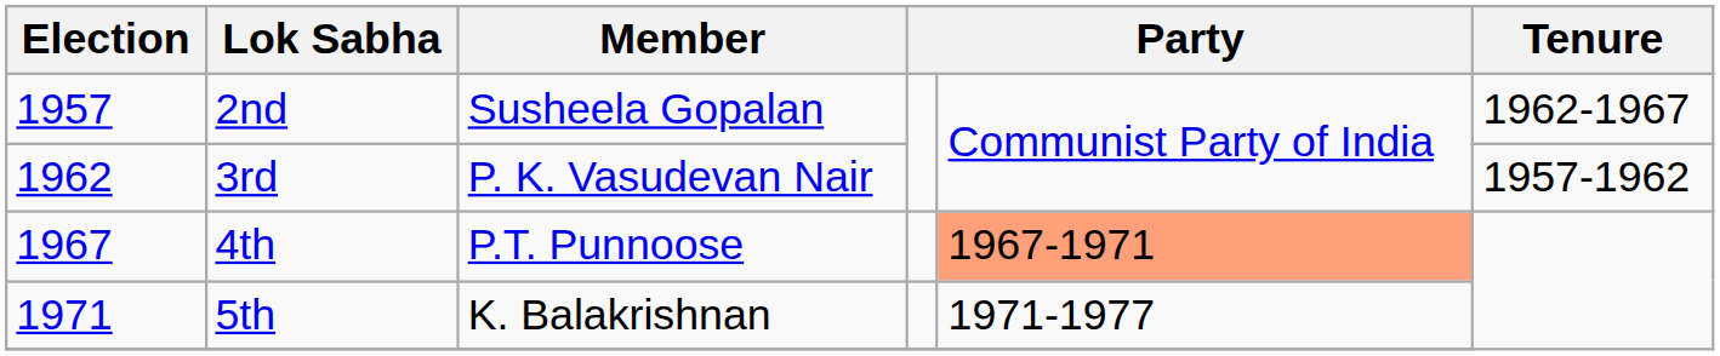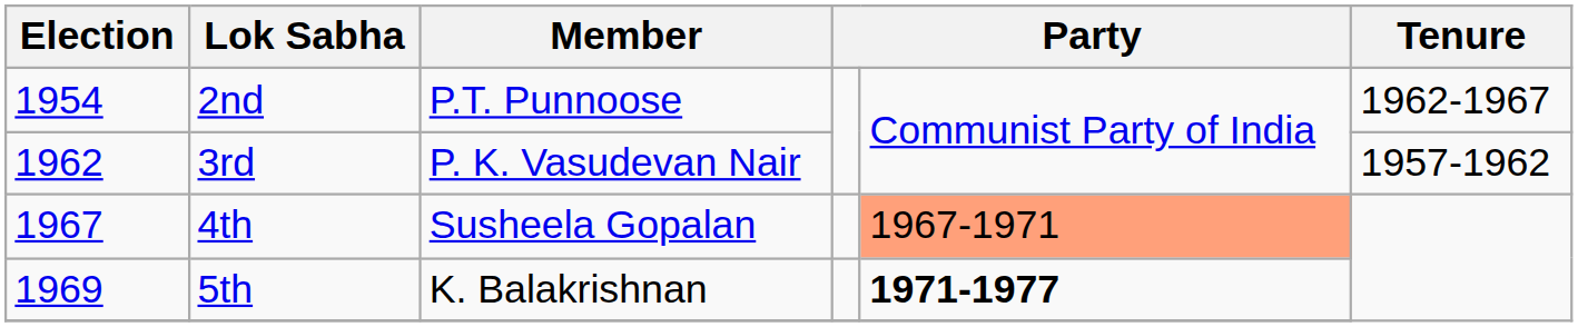 <table class="wikitable sortable" width="50%">
 <tr>
 <th>Election</th>
 <th>Lok Sabha</th>
 <th>Member</th>
 <th colspan="2">Party</th>
 <th>Tenure</th>
 </tr>
 <tr>
-<td><a href='#'>1957</a></td>
+<td><a href='#'>1954</a></td>
 <td><a href='#'>2nd</a></td>
-<td><a href='#'>Susheela Gopalan</a></td>
+<td><a href='#'>P.T. Punnoose</a></td>
 <td rowspan="2" width="4px" style="background-color: "></td>
 <td rowspan=2><a href='#'>Communist Party of India</a></td>
 <td>1962-1967</td>
 </tr>
 <tr>
 <td><a href='#'>1962</a></td>
 <td><a href='#'>3rd</a></td>
 <td><a href='#'>P. K. Vasudevan Nair</a></td>
 <td>1957-1962</td>
 </tr>
 <tr>
 <td><a href='#'>1967</a></td>
 <td><a href='#'>4th</a></td>
-<td><a href='#'>P.T. Punnoose</a></td>
+<td><a href='#'>Susheela Gopalan</a></td>
 <td></td>
 <td style="background: lightsalmon;">1967-1971</td>
 </tr>
 <tr>
-<td><a href='#'>1971</a></td>
+<td><a href='#'>1969</a></td>
 <td><a href='#'>5th</a></td>
 <td>K. Balakrishnan</td>
 <td></td>
-<td>1971-1977</td>
+<td><strong>1971-1977</strong></td>
 </tr>
 <tr>
 </tr>
 </table>
